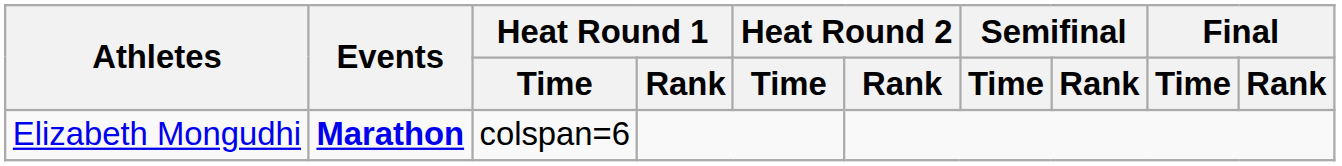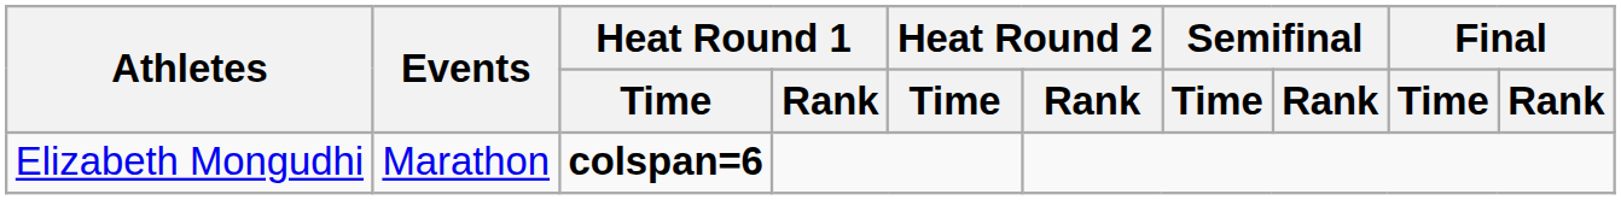 <table class=wikitable style=font-size:90%>
 <tr>
 <th rowspan=2>Athletes</th>
 <th rowspan=2>Events</th>
 <th colspan=2>Heat Round 1</th>
 <th colspan=2>Heat Round 2</th>
 <th colspan=2>Semifinal</th>
 <th colspan=2>Final</th>
 </tr>
 <tr>
 <th>Time</th>
 <th>Rank</th>
 <th>Time</th>
 <th>Rank</th>
 <th>Time</th>
 <th>Rank</th>
 <th>Time</th>
 <th>Rank</th>
 </tr>
 <tr align=center>
 <td><a href='#'>Elizabeth Mongudhi</a></td>
-<td><strong><a href='#'>Marathon</a></strong></td>
-<td>colspan=6 </td>
+<td><a href='#'>Marathon</a></td>
+<td><strong>colspan=6 </strong></td>
 <td colspan=2></td>
 </tr>
 </table>
